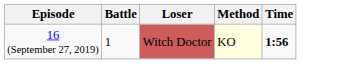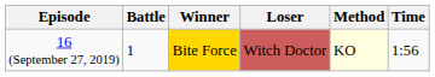 <table class="wikitable">
 <tr>
 <th>Episode</th>
 <th>Battle</th>
+<th>Winner</th>
 <th>Loser</th>
 <th>Method</th>
 <th>Time</th>
 </tr>
 <tr>
 <td style="text-align:center;"><a href='#'>16</a><br><small>(September 27, 2019)</small></td>
 <td>1</td>
+<td style="background:Gold;">Bite Force</td>
 <td style="background:IndianRed;">Witch Doctor</td>
 <td style="background: lightyellow;">KO</td>
-<td><strong>1:56</strong></td>
+<td>1:56</td>
 </tr>
 </table>
